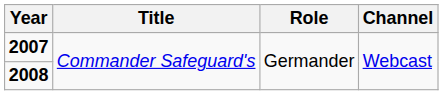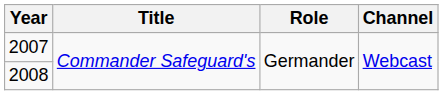 <table class="wikitable">
 <tr>
 <th>Year</th>
 <th>Title</th>
 <th>Role</th>
 <th>Channel</th>
 </tr>
 <tr>
-<td><strong>2007</strong></td>
+<td>2007</td>
 <td rowspan="2"><em><a href='#'>Commander Safeguard's</a></em></td>
 <td rowspan="2">Germander</td>
 <td rowspan="2"><a href='#'>Webcast</a></td>
 </tr>
 <tr>
-<td><strong>2008</strong></td>
+<td>2008</td>
 </tr>
 </table>
